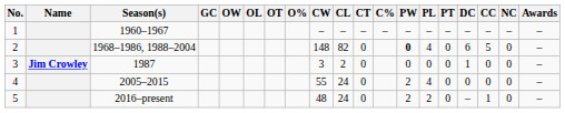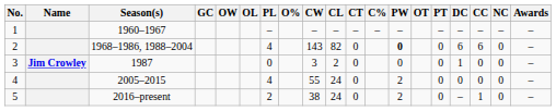 <table class="wikitable sortable plainrowheaders" style="text-align:center">
 <tr>
 <th scope="col" class="unsortable">No.</th>
 <th scope="col">Name</th>
 <th scope="col">Season(s)</th>
 <th scope="col">GC</th>
 <th scope="col">OW</th>
 <th scope="col">OL</th>
-<th scope="col">OT</th>
+<th scope="col">PL</th>
 <th scope="col">O%</th>
 <th scope="col">CW</th>
 <th scope="col">CL</th>
 <th scope="col">CT</th>
 <th scope="col">C%</th>
 <th scope="col">PW</th>
-<th scope="col">PL</th>
+<th scope="col">OT</th>
 <th scope="col">PT</th>
 <th scope="col">DC</th>
 <th scope="col">CC</th>
 <th scope="col">NC</th>
 <th scope="col" class="unsortable">Awards</th>
 </tr>
 <tr>
 <td>1</td>
 <th scope="row"></th>
 <td>1960–1967</td>
 <td></td>
 <td></td>
 <td></td>
-<td></td>
+<td>–</td>
 <td></td>
 <td>–</td>
 <td>–</td>
 <td>–</td>
 <td>–</td>
 <td>–</td>
-<td>–</td>
+<td></td>
 <td>–</td>
 <td>–</td>
 <td>–</td>
 <td>–</td>
 <td>–</td>
 </tr>
 <tr>
 <td>2</td>
 <th scope="row"></th>
 <td>1968–1986, 1988–2004</td>
 <td></td>
 <td></td>
 <td></td>
+<td>4</td>
 <td></td>
-<td></td>
-<td>148</td>
+<td>143</td>
 <td>82</td>
 <td>0</td>
 <td></td>
 <td><strong>0</strong></td>
-<td>4</td>
+<td></td>
 <td>0</td>
 <td>6</td>
-<td>5</td>
+<td>6</td>
 <td>0</td>
 <td>–</td>
 </tr>
 <tr>
 <td>3</td>
 <th scope="row"><a href='#'>Jim Crowley</a></th>
 <td>1987</td>
 <td></td>
 <td></td>
 <td></td>
-<td></td>
+<td>0</td>
 <td></td>
 <td>3</td>
 <td>2</td>
 <td>0</td>
 <td></td>
 <td>0</td>
-<td>0</td>
+<td></td>
 <td>0</td>
 <td>1</td>
 <td>0</td>
 <td>0</td>
 <td>–</td>
 </tr>
 <tr>
 <td>4</td>
 <th scope="row"></th>
 <td>2005–2015</td>
 <td></td>
 <td></td>
 <td></td>
-<td></td>
+<td>4</td>
 <td></td>
 <td>55</td>
 <td>24</td>
 <td>0</td>
 <td></td>
 <td>2</td>
-<td>4</td>
+<td></td>
 <td>0</td>
 <td>0</td>
 <td>0</td>
 <td>0</td>
 <td>–</td>
 </tr>
 <tr>
 <td>5</td>
 <th scope="row"></th>
 <td>2016–present</td>
 <td></td>
 <td></td>
 <td></td>
+<td>2</td>
 <td></td>
-<td></td>
-<td>48</td>
+<td>38</td>
 <td>24</td>
 <td>0</td>
 <td></td>
 <td>2</td>
-<td>2</td>
+<td></td>
 <td>0</td>
 <td>–</td>
 <td>1</td>
 <td>0</td>
 <td>–</td>
 </tr>
 </table>
